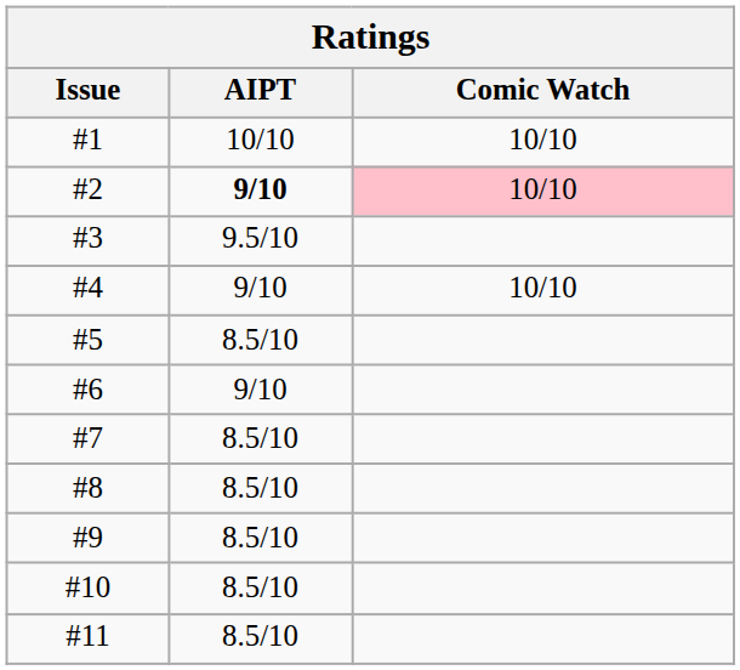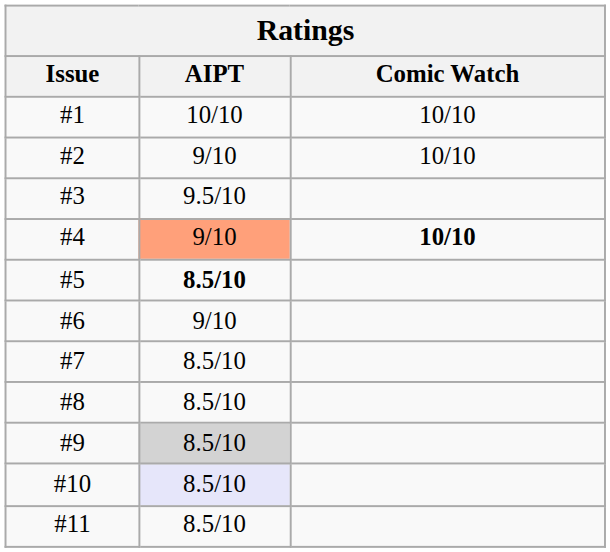 <table class="wikitable infobox" style="float: right; width: 24.2em; font-size: 80%; text-align: center; margin:0.5em 0 0.5em 1em; padding:0;" cellpadding="0" cellspacing="0">
 <tr>
 <th colspan="3" style="font-size:120%;">Ratings</th>
 </tr>
 <tr>
 <th>Issue</th>
 <th>AIPT</th>
 <th>Comic Watch</th>
 </tr>
 <tr>
 <td>#1</td>
 <td>10/10</td>
 <td>10/10</td>
 </tr>
 <tr>
 <td>#2</td>
-<td><strong>9/10</strong></td>
-<td style="background: pink;">10/10</td>
+<td>9/10</td>
+<td>10/10</td>
 </tr>
 <tr>
 <td>#3</td>
 <td>9.5/10</td>
 <td></td>
 </tr>
 <tr>
 <td>#4</td>
-<td>9/10</td>
-<td>10/10</td>
+<td style="background: lightsalmon;">9/10</td>
+<td><strong>10/10</strong></td>
 </tr>
 <tr>
 <td>#5</td>
-<td>8.5/10</td>
+<td><strong>8.5/10</strong></td>
 <td></td>
 </tr>
 <tr>
 <td>#6</td>
 <td>9/10</td>
 <td></td>
 </tr>
 <tr>
 <td>#7</td>
 <td>8.5/10</td>
 <td></td>
 </tr>
 <tr>
 <td>#8</td>
 <td>8.5/10</td>
 <td></td>
 </tr>
 <tr>
 <td>#9</td>
-<td>8.5/10</td>
+<td style="background: lightgrey;">8.5/10</td>
 <td></td>
 </tr>
 <tr>
 <td>#10</td>
-<td>8.5/10</td>
+<td style="background: lavender;">8.5/10</td>
 <td></td>
 </tr>
 <tr>
 <td>#11</td>
 <td>8.5/10</td>
 </tr>
 </table>
